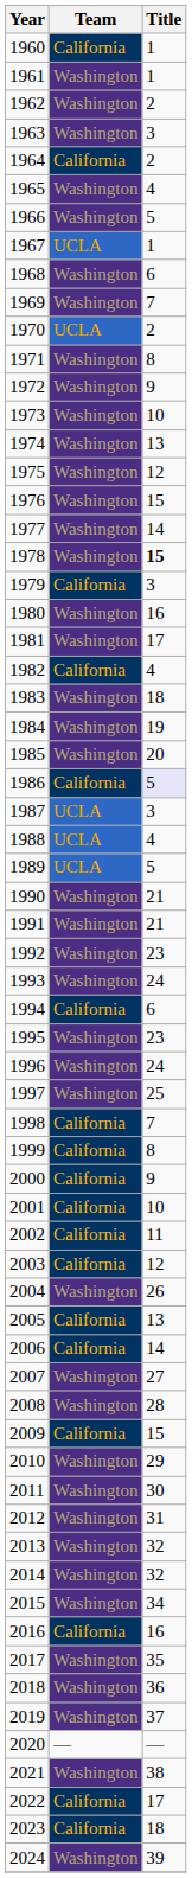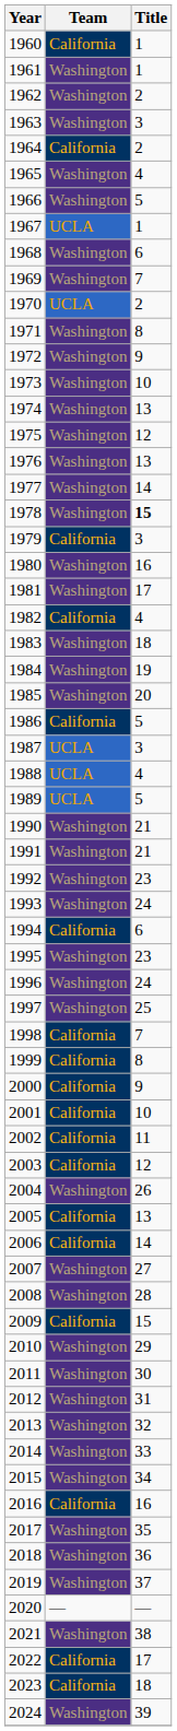 <table class="wikitable">
 <tr>
 <th>Year</th>
 <th>Team</th>
 <th>Title</th>
 </tr>
 <tr>
 <td>1960</td>
 <td style="background:#003262; color:#FDB515;">California</td>
 <td>1</td>
 </tr>
 <tr>
 <td>1961</td>
 <td style="background:#4B2E83; color:#B7A57A;">Washington</td>
 <td>1</td>
 </tr>
 <tr>
 <td>1962</td>
 <td style="background:#4B2E83; color:#B7A57A;">Washington</td>
 <td>2</td>
 </tr>
 <tr>
 <td>1963</td>
 <td style="background:#4B2E83; color:#B7A57A;">Washington</td>
 <td>3</td>
 </tr>
 <tr>
 <td>1964</td>
 <td style="background:#003262; color:#FDB515;">California</td>
 <td>2</td>
 </tr>
 <tr>
 <td>1965</td>
 <td style="background:#4B2E83; color:#B7A57A;">Washington</td>
 <td>4</td>
 </tr>
 <tr>
 <td>1966</td>
 <td style="background:#4B2E83; color:#B7A57A;">Washington</td>
 <td>5</td>
 </tr>
 <tr>
 <td>1967</td>
 <td style="background:#2D68C4; color:#F2A900;">UCLA</td>
 <td>1</td>
 </tr>
 <tr>
 <td>1968</td>
 <td style="background:#4B2E83; color:#B7A57A;">Washington</td>
 <td>6</td>
 </tr>
 <tr>
 <td>1969</td>
 <td style="background:#4B2E83; color:#B7A57A;">Washington</td>
 <td>7</td>
 </tr>
 <tr>
 <td>1970</td>
 <td style="background:#2D68C4; color:#F2A900;">UCLA</td>
 <td>2</td>
 </tr>
 <tr>
 <td>1971</td>
 <td style="background:#4B2E83; color:#B7A57A;">Washington</td>
 <td>8</td>
 </tr>
 <tr>
 <td>1972</td>
 <td style="background:#4B2E83; color:#B7A57A;">Washington</td>
 <td>9</td>
 </tr>
 <tr>
 <td>1973</td>
 <td style="background:#4B2E83; color:#B7A57A;">Washington</td>
 <td>10</td>
 </tr>
 <tr>
 <td>1974</td>
 <td style="background:#4B2E83; color:#B7A57A;">Washington</td>
 <td>13</td>
 </tr>
 <tr>
 <td>1975</td>
 <td style="background:#4B2E83; color:#B7A57A;">Washington</td>
 <td>12</td>
 </tr>
 <tr>
 <td>1976</td>
 <td style="background:#4B2E83; color:#B7A57A;">Washington</td>
-<td>15</td>
+<td>13</td>
 </tr>
 <tr>
 <td>1977</td>
 <td style="background:#4B2E83; color:#B7A57A;">Washington</td>
 <td>14</td>
 </tr>
 <tr>
 <td>1978</td>
 <td style="background:#4B2E83; color:#B7A57A;">Washington</td>
 <td><strong>15</strong></td>
 </tr>
 <tr>
 <td>1979</td>
 <td style="background:#003262; color:#FDB515;">California</td>
 <td>3</td>
 </tr>
 <tr>
 <td>1980</td>
 <td style="background:#4B2E83; color:#B7A57A;">Washington</td>
 <td>16</td>
 </tr>
 <tr>
 <td>1981</td>
 <td style="background:#4B2E83; color:#B7A57A;">Washington</td>
 <td>17</td>
 </tr>
 <tr>
 <td>1982</td>
 <td style="background:#003262; color:#FDB515;">California</td>
 <td>4</td>
 </tr>
 <tr>
 <td>1983</td>
 <td style="background:#4B2E83; color:#B7A57A;">Washington</td>
 <td>18</td>
 </tr>
 <tr>
 <td>1984</td>
 <td style="background:#4B2E83; color:#B7A57A;">Washington</td>
 <td>19</td>
 </tr>
 <tr>
 <td>1985</td>
 <td style="background:#4B2E83; color:#B7A57A;">Washington</td>
 <td>20</td>
 </tr>
 <tr>
 <td>1986</td>
 <td style="background:#003262; color:#FDB515;">California</td>
-<td style="background: lavender;">5</td>
+<td>5</td>
 </tr>
 <tr>
 <td>1987</td>
 <td style="background:#2D68C4; color:#F2A900;">UCLA</td>
 <td>3</td>
 </tr>
 <tr>
 <td>1988</td>
 <td style="background:#2D68C4; color:#F2A900;">UCLA</td>
 <td>4</td>
 </tr>
 <tr>
 <td>1989</td>
 <td style="background:#2D68C4; color:#F2A900;">UCLA</td>
 <td>5</td>
 </tr>
 <tr>
 <td>1990</td>
 <td style="background:#4B2E83; color:#B7A57A;">Washington</td>
 <td>21</td>
 </tr>
 <tr>
 <td>1991</td>
 <td style="background:#4B2E83; color:#B7A57A;">Washington</td>
 <td>21</td>
 </tr>
 <tr>
 <td>1992</td>
 <td style="background:#4B2E83; color:#B7A57A;">Washington</td>
 <td>23</td>
 </tr>
 <tr>
 <td>1993</td>
 <td style="background:#4B2E83; color:#B7A57A;">Washington</td>
 <td>24</td>
 </tr>
 <tr>
 <td>1994</td>
 <td style="background:#003262; color:#FDB515;">California</td>
 <td>6</td>
 </tr>
 <tr>
 <td>1995</td>
 <td style="background:#4B2E83; color:#B7A57A;">Washington</td>
 <td>23</td>
 </tr>
 <tr>
 <td>1996</td>
 <td style="background:#4B2E83; color:#B7A57A;">Washington</td>
 <td>24</td>
 </tr>
 <tr>
 <td>1997</td>
 <td style="background:#4B2E83; color:#B7A57A;">Washington</td>
 <td>25</td>
 </tr>
 <tr>
 <td>1998</td>
 <td style="background:#003262; color:#FDB515;">California</td>
 <td>7</td>
 </tr>
 <tr>
 <td>1999</td>
 <td style="background:#003262; color:#FDB515;">California</td>
 <td>8</td>
 </tr>
 <tr>
 <td>2000</td>
 <td style="background:#003262; color:#FDB515;">California</td>
 <td>9</td>
 </tr>
 <tr>
 <td>2001</td>
 <td style="background:#003262; color:#FDB515;">California</td>
 <td>10</td>
 </tr>
 <tr>
 <td>2002</td>
 <td style="background:#003262; color:#FDB515;">California</td>
 <td>11</td>
 </tr>
 <tr>
 <td>2003</td>
 <td style="background:#003262; color:#FDB515;">California</td>
 <td>12</td>
 </tr>
 <tr>
 <td>2004</td>
 <td style="background:#4B2E83; color:#B7A57A;">Washington</td>
 <td>26</td>
 </tr>
 <tr>
 <td>2005</td>
 <td style="background:#003262; color:#FDB515;">California</td>
 <td>13</td>
 </tr>
 <tr>
 <td>2006</td>
 <td style="background:#003262; color:#FDB515;">California</td>
 <td>14</td>
 </tr>
 <tr>
 <td>2007</td>
 <td style="background:#4B2E83; color:#B7A57A;">Washington</td>
 <td>27</td>
 </tr>
 <tr>
 <td>2008</td>
 <td style="background:#4B2E83; color:#B7A57A;">Washington</td>
 <td>28</td>
 </tr>
 <tr>
 <td>2009</td>
 <td style="background:#003262; color:#FDB515;">California</td>
 <td>15</td>
 </tr>
 <tr>
 <td>2010</td>
 <td style="background:#4B2E83; color:#B7A57A;">Washington</td>
 <td>29</td>
 </tr>
 <tr>
 <td>2011</td>
 <td style="background:#4B2E83; color:#B7A57A;">Washington</td>
 <td>30</td>
 </tr>
 <tr>
 <td>2012</td>
 <td style="background:#4B2E83; color:#B7A57A;">Washington</td>
 <td>31</td>
 </tr>
 <tr>
 <td>2013</td>
 <td style="background:#4B2E83; color:#B7A57A;">Washington</td>
 <td>32</td>
 </tr>
 <tr>
 <td>2014</td>
 <td style="background:#4B2E83; color:#B7A57A;">Washington</td>
-<td>32</td>
+<td>33</td>
 </tr>
 <tr>
 <td>2015</td>
 <td style="background:#4B2E83; color:#B7A57A;">Washington</td>
 <td>34</td>
 </tr>
 <tr>
 <td>2016</td>
 <td style="background:#003262; color:#FDB515;">California</td>
 <td>16</td>
 </tr>
 <tr>
 <td>2017</td>
 <td style="background:#4B2E83; color:#B7A57A;">Washington</td>
 <td>35</td>
 </tr>
 <tr>
 <td>2018</td>
 <td style="background:#4B2E83; color:#B7A57A;">Washington</td>
 <td>36</td>
 </tr>
 <tr>
 <td>2019</td>
 <td style="background:#4B2E83; color:#B7A57A;">Washington</td>
 <td>37</td>
 </tr>
 <tr>
 <td>2020</td>
 <td>―</td>
 <td>―</td>
 </tr>
 <tr>
 <td>2021</td>
 <td style="background:#4B2E83; color:#B7A57A;">Washington</td>
 <td>38</td>
 </tr>
 <tr>
 <td>2022</td>
 <td style="background:#003262; color:#FDB515;">California</td>
 <td>17</td>
 </tr>
 <tr>
 <td>2023</td>
 <td style="background:#003262; color:#FDB515;">California</td>
 <td>18</td>
 </tr>
 <tr>
 <td>2024</td>
 <td style="background:#4B2E83; color:#B7A57A;">Washington</td>
 <td>39</td>
 </tr>
 <tr>
 </tr>
 </table>
